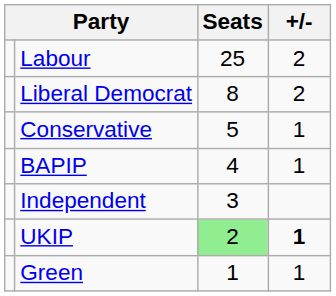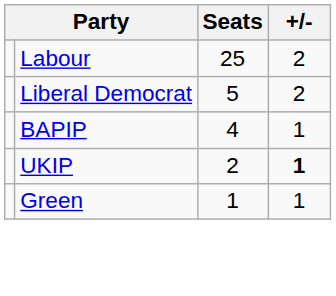 <table class="wikitable">
 <tr>
 <th colspan="2">Party</th>
 <th>Seats</th>
 <th>  +/-  </th>
 </tr>
 <tr>
 <td style="background-color: "></td>
 <td><a href='#'>Labour</a></td>
 <td align="center">25</td>
 <td align="center">2</td>
 </tr>
 <tr>
 <td style="background-color: "></td>
 <td><a href='#'>Liberal Democrat</a></td>
-<td align="center">8</td>
+<td align="center">5</td>
 <td align="center">2</td>
-</tr>
-<tr>
-<td style="background-color: "></td>
-<td><a href='#'>Conservative</a></td>
-<td align="center">5</td>
-<td align="center">1</td>
 </tr>
 <tr>
 <td style="background-color: "></td>
 <td><a href='#'>BAPIP</a></td>
 <td align="center">4</td>
 <td align="center">1</td>
 </tr>
 <tr>
 <td style="background-color: "></td>
-<td><a href='#'>Independent</a></td>
-<td align="center">3</td>
-<td align="center"></td>
-</tr>
-<tr>
-<td style="background-color: "></td>
 <td><a href='#'>UKIP</a></td>
-<td align="center" style="background: lightgreen;">2</td>
+<td align="center">2</td>
 <td align="center"><strong>1</strong></td>
 </tr>
 <tr>
 <td style="background-color: "></td>
 <td><a href='#'>Green</a></td>
 <td align="center">1</td>
 <td align="center">1</td>
 </tr>
 </table>
